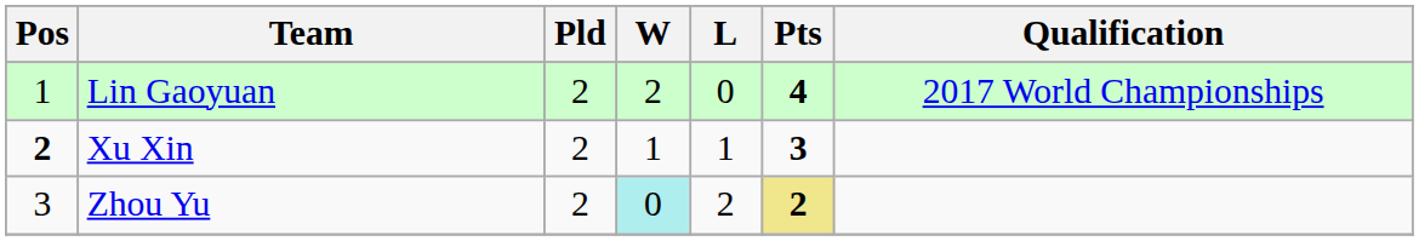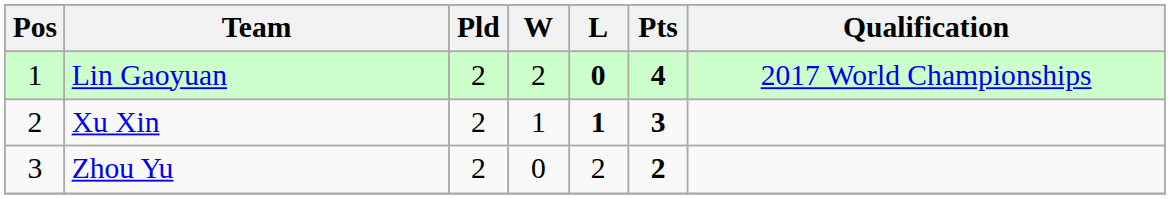 <table class="wikitable" style="text-align:center">
 <tr>
 <th width=25>Pos</th>
 <th width=200>Team</th>
 <th width=25>Pld</th>
 <th width=25>W</th>
 <th width=25>L</th>
 <th width=25>Pts</th>
 <th width=250>Qualification</th>
 </tr>
 <tr bgcolor=ccffcc>
 <td>1</td>
 <td style="text-align:left;"><a href='#'>Lin Gaoyuan</a></td>
 <td>2</td>
 <td>2</td>
-<td>0</td>
+<td><strong>0</strong></td>
 <td><strong>4</strong></td>
 <td style="text-align:center;"><a href='#'>2017 World Championships</a></td>
 </tr>
 <tr>
-<td><strong>2</strong></td>
+<td>2</td>
 <td style="text-align:left;"><a href='#'>Xu Xin</a></td>
 <td>2</td>
 <td>1</td>
-<td>1</td>
+<td><strong>1</strong></td>
 <td><strong>3</strong></td>
 <td></td>
 </tr>
 <tr>
 <td>3</td>
 <td style="text-align:left;"><a href='#'>Zhou Yu</a></td>
 <td>2</td>
-<td style="background: paleturquoise;">0</td>
+<td>0</td>
 <td>2</td>
-<td style="background: khaki;"><strong>2</strong></td>
+<td><strong>2</strong></td>
 <td></td>
 </tr>
 <tr>
 </tr>
 </table>
